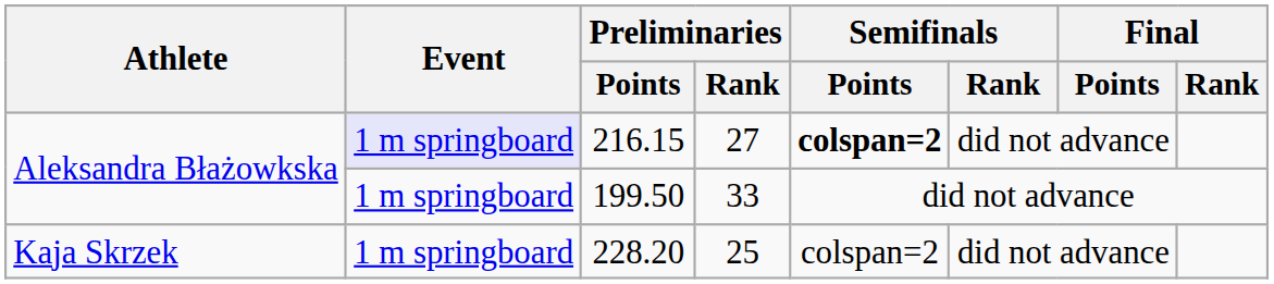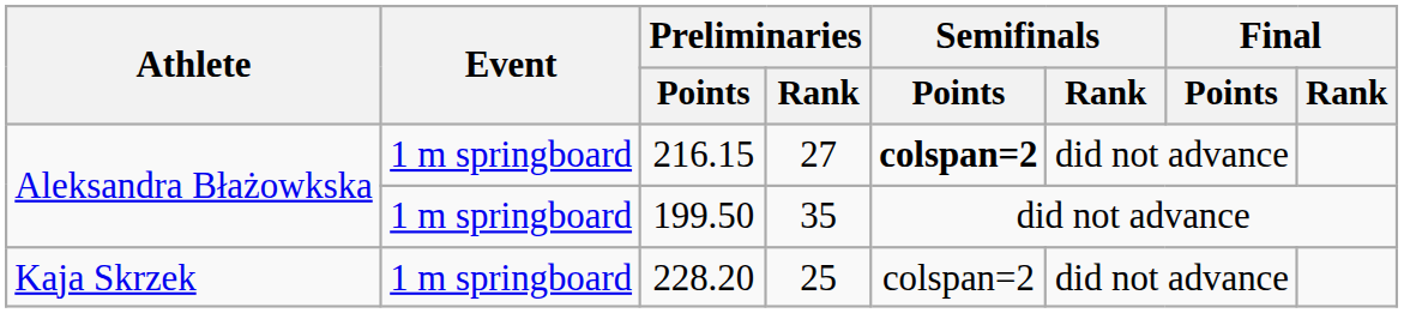 <table class="wikitable" style="text-align:center; font-size:90%">
 <tr>
 <th rowspan="2">Athlete</th>
 <th rowspan="2">Event</th>
 <th colspan="2">Preliminaries</th>
 <th colspan="2">Semifinals</th>
 <th colspan="2">Final</th>
 </tr>
 <tr style="font-size:95%">
 <th>Points</th>
 <th>Rank</th>
 <th>Points</th>
 <th>Rank</th>
 <th>Points</th>
 <th>Rank</th>
 </tr>
 <tr>
 <td align=left rowspan=2><a href='#'>Aleksandra Błażowkska</a></td>
-<td align=left style="background: lavender;"><a href='#'>1 m springboard</a></td>
+<td align=left><a href='#'>1 m springboard</a></td>
 <td>216.15</td>
 <td>27</td>
 <td><strong>colspan=2 </strong></td>
 <td colspan=2>did not advance</td>
 </tr>
 <tr>
 <td align=left><a href='#'>1 m springboard</a></td>
 <td>199.50</td>
-<td>33</td>
+<td>35</td>
 <td colspan=4>did not advance</td>
 </tr>
 <tr>
 <td align=left><a href='#'>Kaja Skrzek</a></td>
 <td align=left><a href='#'>1 m springboard</a></td>
 <td>228.20</td>
 <td>25</td>
 <td>colspan=2 </td>
 <td colspan=2>did not advance</td>
 </tr>
 </table>
